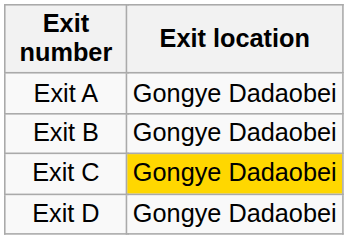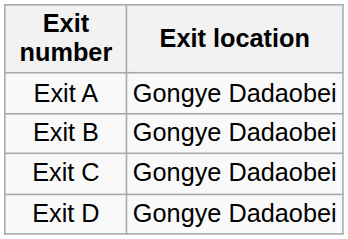 <table class="wikitable">
 <tr>
 <th style="width:70px" colspan="2">Exit number</th>
 <th>Exit location</th>
 </tr>
 <tr>
 <td align="center" colspan="2">Exit A</td>
 <td>Gongye Dadaobei</td>
 </tr>
 <tr>
 <td align="center" colspan="2">Exit B</td>
 <td>Gongye Dadaobei</td>
 </tr>
 <tr>
 <td align="center" colspan="2">Exit C</td>
-<td style="background: gold;">Gongye Dadaobei</td>
+<td>Gongye Dadaobei</td>
 </tr>
 <tr>
 <td align="center" colspan="2">Exit D</td>
 <td>Gongye Dadaobei</td>
 </tr>
 </table>
